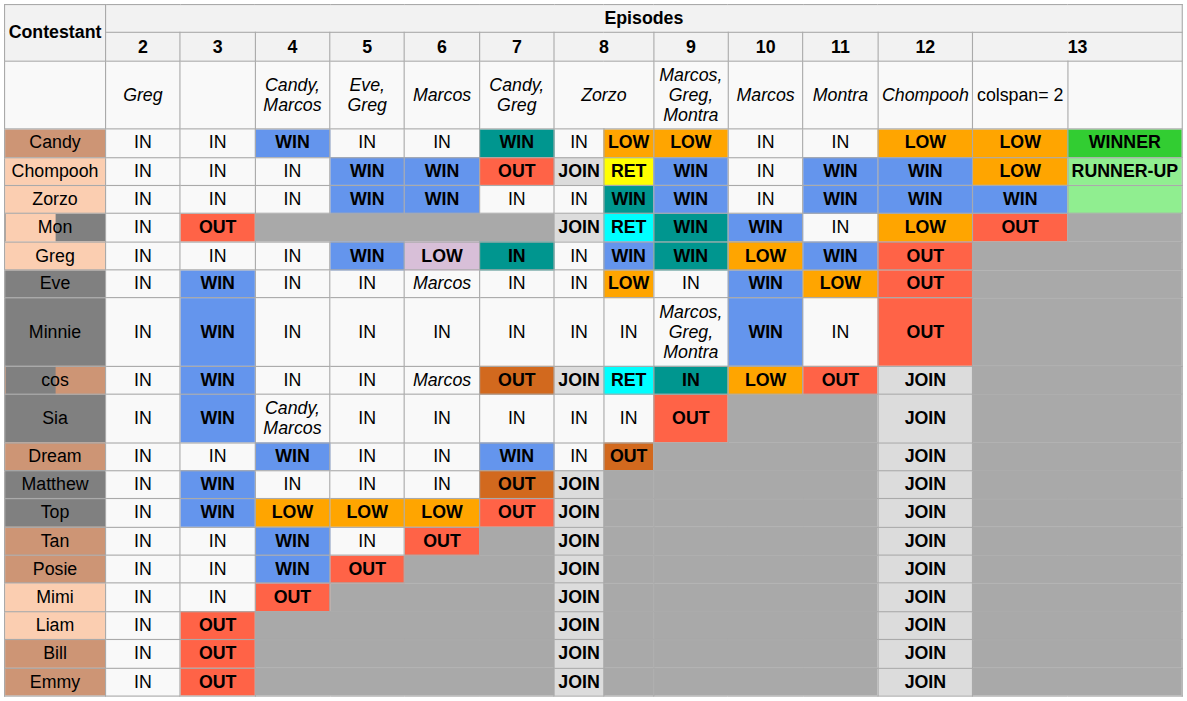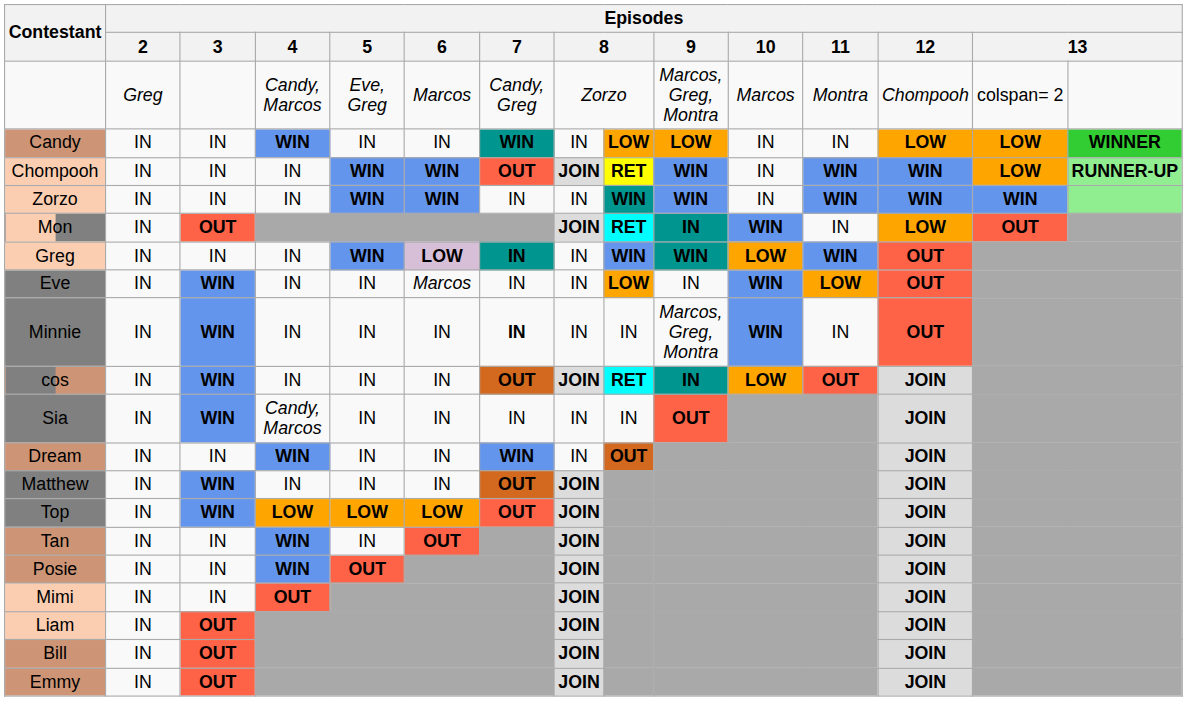 <table class="wikitable" style="text-align:center;">
 <tr>
 <th rowspan=2>Contestant</th>
 <th colspan=14>Episodes</th>
 </tr>
 <tr>
 <th style="width:60px;">2</th>
 <th style="width:60px;">3</th>
 <th style="width:60px;">4</th>
 <th style="width:60px;">5</th>
 <th style="width:60px;">6</th>
 <th style="width:60px;">7</th>
 <th colspan="2">8</th>
 <th style="width:60px;">9</th>
 <th style="width:60px;">10</th>
 <th style="width:60px;">11</th>
 <th style="width:60px;">12</th>
 <th colspan="2">13</th>
 </tr>
 <tr>
 <td></td>
 <td><em>Greg</em></td>
 <td></td>
 <td><em>Candy,<br>Marcos</em></td>
 <td><em>Eve,<br>Greg</em></td>
 <td><em>Marcos</em></td>
 <td><em>Candy,<br>Greg</em></td>
 <td colspan="2"><em>Zorzo</em></td>
 <td><em>Marcos,<br>Greg,<br>Montra</em></td>
 <td><em>Marcos</em></td>
 <td><em>Montra</em></td>
 <td><em>Chompooh</em></td>
 <td>colspan= 2</td>
 </tr>
 <tr>
 <td style="background:#CD9575;">Candy</td>
 <td>IN</td>
 <td>IN</td>
 <td style="background:cornflowerblue;"><strong>WIN</strong></td>
 <td>IN</td>
 <td>IN</td>
 <td style="background:#00968f"><span><strong>WIN</strong></span></td>
 <td>IN</td>
 <td style="background:orange;"><strong>LOW</strong></td>
 <td style="background:orange;"><strong>LOW</strong></td>
 <td>IN</td>
 <td>IN</td>
 <td style="background:orange;"><strong>LOW</strong></td>
 <td style="background:orange;"><strong>LOW</strong></td>
 <td style="background:limegreen;"><strong>WINNER</strong></td>
 </tr>
 <tr>
 <td style="background:#FBCEB1;">Chompooh</td>
 <td>IN</td>
 <td>IN</td>
 <td>IN</td>
 <td style="background:cornflowerblue;"><strong>WIN</strong></td>
 <td style="background:cornflowerblue;"><strong>WIN</strong></td>
 <td style="background:tomato;"><strong>OUT</strong></td>
 <td style="background:Gainsboro;"><strong>JOIN</strong></td>
 <td style="background:yellow;"><strong> RET</strong></td>
 <td style="background:cornflowerblue;"><strong>WIN</strong></td>
 <td>IN</td>
 <td style="background:cornflowerblue;"><strong>WIN</strong></td>
 <td style="background:cornflowerblue;"><strong>WIN</strong></td>
 <td style="background:orange;"><strong>LOW</strong></td>
 <td style="background:lightgreen;"><strong>RUNNER-UP</strong></td>
 </tr>
 <tr>
 <td style="background:#FBCEB1;">Zorzo</td>
 <td>IN</td>
 <td>IN</td>
 <td>IN</td>
 <td style="background:cornflowerblue;"><strong>WIN</strong></td>
 <td style="background:cornflowerblue;"><strong>WIN</strong></td>
 <td>IN</td>
 <td>IN</td>
 <td style="background:#00968f"><span><strong>WIN</strong></span></td>
 <td style="background:cornflowerblue;"><strong>WIN</strong></td>
 <td>IN</td>
 <td style="background:cornflowerblue;"><strong>WIN</strong></td>
 <td style="background:cornflowerblue;"><strong>WIN</strong></td>
 <td style="background:cornflowerblue;"><strong>WIN</strong></td>
 <td style="background:lightgreen;"></td>
 </tr>
 <tr>
 <td style="background:linear-gradient(to right, #FBCEB1 50%, grey 50%);">Mon</td>
 <td>IN</td>
 <td style="background:tomato;"><strong>OUT</strong></td>
 <td colspan=4 style="background:darkgray;"></td>
 <td style="background:Gainsboro;"><strong>JOIN</strong></td>
 <td style="background:cyan;"><strong> RET</strong></td>
-<td style="background:#00968f"><span><strong>WIN</strong></span></td>
+<td style="background:#00968f"><span><strong>IN</strong></span></td>
 <td style="background:cornflowerblue;"><strong>WIN</strong></td>
 <td>IN</td>
 <td style="background:orange;"><strong>LOW</strong></td>
 <td style="background:tomato;"><strong>OUT</strong></td>
 <td colspan=7 style="background:darkgray;"></td>
 </tr>
 <tr>
 <td style="background:#FBCEB1;">Greg</td>
 <td>IN</td>
 <td>IN</td>
 <td>IN</td>
 <td style="background:cornflowerblue;"><strong>WIN</strong></td>
 <td style="background:thistle;"><strong>LOW</strong></td>
 <td style="background:#00968f"><span><strong>IN</strong></span></td>
 <td>IN</td>
 <td style="background:cornflowerblue;"><strong>WIN</strong></td>
 <td style="background:#00968f"><span><strong>WIN</strong></span></td>
 <td style="background:orange;"><strong>LOW</strong></td>
 <td style="background:cornflowerblue;"><strong>WIN</strong></td>
 <td style="background:tomato;"><strong>OUT</strong></td>
 <td colspan=7 style="background:darkgray;"></td>
 </tr>
 <tr>
 <td style="background:grey;"><span>Eve</span></td>
 <td>IN</td>
 <td style="background:cornflowerblue;"><strong>WIN</strong></td>
 <td>IN</td>
 <td>IN</td>
 <td><em>Marcos</em></td>
 <td>IN</td>
 <td>IN</td>
 <td style="background:orange;"><strong>LOW</strong></td>
 <td>IN</td>
 <td style="background:cornflowerblue;"><strong>WIN</strong></td>
 <td style="background:orange;"><strong>LOW</strong></td>
 <td style="background:tomato;"><strong>OUT</strong></td>
 <td colspan=7 style="background:darkgray;"></td>
 </tr>
 <tr>
 <td style="background:grey;"><span>Minnie</span></td>
 <td>IN</td>
 <td style="background:cornflowerblue;"><strong>WIN</strong></td>
 <td>IN</td>
 <td>IN</td>
 <td>IN</td>
-<td>IN</td>
+<td><strong>IN</strong></td>
 <td>IN</td>
 <td>IN</td>
 <td><em>Marcos,<br>Greg,<br>Montra</em></td>
 <td style="background:cornflowerblue;"><strong>WIN</strong></td>
 <td>IN</td>
 <td style="background:tomato;"><strong>OUT</strong></td>
 <td colspan=7 style="background:darkgray;"></td>
 </tr>
 <tr>
 <td style="background:linear-gradient(to right, grey 50%, #CD9575 50%);">cos</td>
 <td>IN</td>
 <td style="background:cornflowerblue;"><strong>WIN</strong></td>
 <td>IN</td>
 <td>IN</td>
-<td><em>Marcos</em></td>
+<td>IN</td>
 <td style="background:chocolate;"><strong>OUT</strong></td>
 <td style="background:Gainsboro;"><strong>JOIN</strong></td>
 <td style="background:cyan;"><strong> RET</strong></td>
 <td style="background:#00968f"><span><strong>IN</strong></span></td>
 <td style="background:orange;"><strong>LOW</strong></td>
 <td style="background:tomato;"><strong>OUT</strong></td>
 <td style="background:Gainsboro;"><strong>JOIN</strong></td>
 <td colspan="2" style="background:darkgrey;"></td>
 </tr>
 <tr>
 <td style="background:grey;"><span>Sia</span></td>
 <td>IN</td>
 <td style="background:cornflowerblue;"><strong>WIN</strong></td>
 <td><em>Candy,<br>Marcos</em></td>
 <td>IN</td>
 <td>IN</td>
 <td>IN</td>
 <td>IN</td>
 <td>IN</td>
 <td style="background:tomato;"><strong>OUT</strong></td>
 <td colspan=2 style="background:darkgray;"></td>
 <td style="background:Gainsboro;"><strong>JOIN</strong></td>
 <td colspan="2" style="background:darkgrey;"></td>
 </tr>
 <tr>
 <td style="background:#CD9575;">Dream</td>
 <td>IN</td>
 <td>IN</td>
 <td style="background:cornflowerblue;"><strong>WIN</strong></td>
 <td>IN</td>
 <td>IN</td>
 <td style="background:cornflowerblue;"><strong>WIN</strong></td>
 <td>IN</td>
 <td style="background:chocolate;"><strong>OUT</strong></td>
 <td colspan=3 style="background:darkgray;"></td>
 <td style="background:Gainsboro;"><strong>JOIN</strong></td>
 <td colspan="2" style="background:darkgrey;"></td>
 </tr>
 <tr>
 <td style="background:grey;"><span>Matthew</span></td>
 <td>IN</td>
 <td style="background:cornflowerblue;"><strong>WIN</strong></td>
 <td>IN</td>
 <td>IN</td>
 <td>IN</td>
 <td style="background:chocolate;"><strong>OUT</strong></td>
 <td style="background:Gainsboro;"><strong>JOIN</strong></td>
 <td style="background:darkgray;"></td>
 <td colspan=3 style="background:darkgray;"></td>
 <td style="background:Gainsboro;"><strong>JOIN</strong></td>
 <td colspan="2" style="background:darkgrey;"></td>
 </tr>
 <tr>
 <td style="background:grey;"><span>Top</span></td>
 <td>IN</td>
 <td style="background:cornflowerblue;"><strong>WIN</strong></td>
 <td style="background:orange;"><strong>LOW</strong></td>
 <td style="background:orange;"><strong>LOW</strong></td>
 <td style="background:orange;"><strong>LOW</strong></td>
 <td style="background:tomato;"><strong>OUT</strong></td>
 <td style="background:Gainsboro;"><strong>JOIN</strong></td>
 <td style="background:darkgray;"></td>
 <td colspan=3 style="background:darkgray;"></td>
 <td style="background:Gainsboro;"><strong>JOIN</strong></td>
 <td colspan="2" style="background:darkgrey;"></td>
 </tr>
 <tr>
 <td style="background:#CD9575;">Tan</td>
 <td>IN</td>
 <td>IN</td>
 <td style="background:cornflowerblue;"><strong>WIN</strong></td>
 <td>IN</td>
 <td style="background:tomato;"><strong>OUT</strong></td>
 <td style="background:darkgray;"></td>
 <td style="background:Gainsboro;"><strong>JOIN</strong></td>
 <td style="background:darkgray;"></td>
 <td colspan=3 style="background:darkgray;"></td>
 <td style="background:Gainsboro;"><strong>JOIN</strong></td>
 <td colspan="2" style="background:darkgrey;"></td>
 </tr>
 <tr>
 <td style="background:#CD9575;">Posie</td>
 <td>IN</td>
 <td>IN</td>
 <td style="background:cornflowerblue;"><strong>WIN</strong></td>
 <td style="background:tomato;"><strong>OUT</strong></td>
 <td colspan=2 style="background:darkgray;"></td>
 <td style="background:Gainsboro;"><strong>JOIN</strong></td>
 <td style="background:darkgray;"></td>
 <td colspan=3 style="background:darkgray;"></td>
 <td style="background:Gainsboro;"><strong>JOIN</strong></td>
 <td colspan="2" style="background:darkgrey;"></td>
 </tr>
 <tr>
 <td style="background:#FBCEB1;">Mimi</td>
 <td>IN</td>
 <td>IN</td>
 <td style="background:tomato;"><strong>OUT</strong></td>
 <td colspan=3 style="background:darkgray;"></td>
 <td style="background:Gainsboro;"><strong>JOIN</strong></td>
 <td style="background:darkgray;"></td>
 <td colspan=3 style="background:darkgray;"></td>
 <td style="background:Gainsboro;"><strong>JOIN</strong></td>
 <td colspan="2" style="background:darkgrey;"></td>
 </tr>
 <tr>
 <td style="background:#FBCEB1;">Liam</td>
 <td>IN</td>
 <td style="background:tomato;"><strong>OUT</strong></td>
 <td colspan=4 style="background:darkgray;"></td>
 <td style="background:Gainsboro;"><strong>JOIN</strong></td>
 <td style="background:darkgray;"></td>
 <td colspan=3 style="background:darkgray;"></td>
 <td style="background:Gainsboro;"><strong>JOIN</strong></td>
 <td colspan="2" style="background:darkgrey;"></td>
 </tr>
 <tr>
 <td style="background:#CD9575;">Bill</td>
 <td>IN</td>
 <td style="background:tomato;"><strong>OUT</strong></td>
 <td colspan=4 style="background:darkgray;"></td>
 <td style="background:Gainsboro;"><strong>JOIN</strong></td>
 <td style="background:darkgray;"></td>
 <td colspan=3 style="background:darkgray;"></td>
 <td style="background:Gainsboro;"><strong>JOIN</strong></td>
 <td colspan="2" style="background:darkgrey;"></td>
 </tr>
 <tr>
 <td style="background:#CD9575;">Emmy</td>
 <td>IN</td>
 <td style="background:tomato;"><strong>OUT</strong></td>
 <td colspan=4 style="background:darkgray;"></td>
 <td style="background:Gainsboro;"><strong>JOIN</strong></td>
 <td style="background:darkgray;"></td>
 <td colspan=3 style="background:darkgray;"></td>
 <td style="background:Gainsboro;"><strong>JOIN</strong></td>
 <td colspan="2" style="background:darkgrey;"></td>
 </tr>
 </table>
